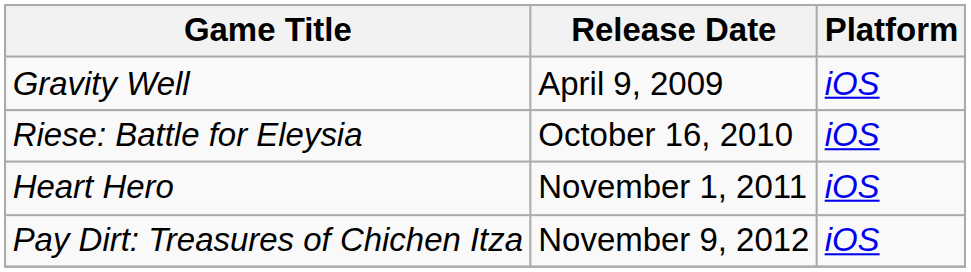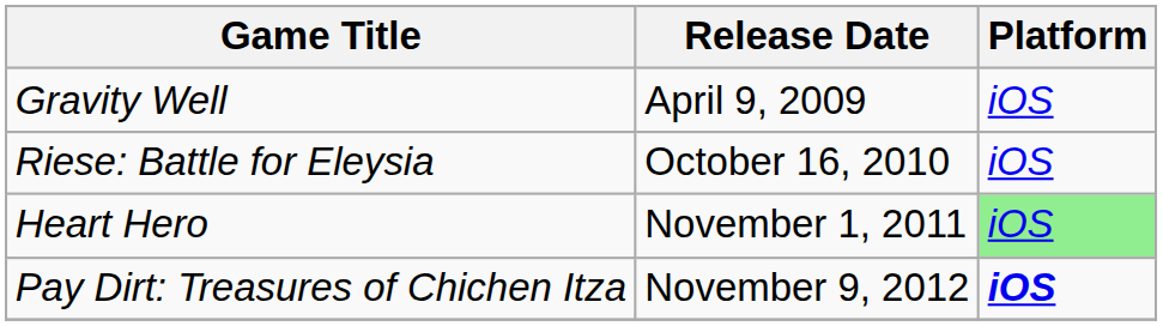 <table class="wikitable">
 <tr>
 <th>Game Title</th>
 <th>Release Date</th>
 <th>Platform</th>
 </tr>
 <tr>
 <td><em>Gravity Well</em></td>
 <td>April 9, 2009</td>
 <td><em><a href='#'>iOS</a></em></td>
 </tr>
 <tr>
 <td><em>Riese: Battle for Eleysia</em></td>
 <td>October 16, 2010</td>
 <td><em><a href='#'>iOS</a></em></td>
 </tr>
 <tr>
 <td><em>Heart Hero</em></td>
 <td>November 1, 2011</td>
-<td><em><a href='#'>iOS</a></em></td>
+<td style="background: lightgreen;"><em><a href='#'>iOS</a></em></td>
 </tr>
 <tr>
 <td><em>Pay Dirt: Treasures of Chichen Itza</em></td>
 <td>November 9, 2012</td>
-<td><em><a href='#'>iOS</a></em></td>
+<td><strong><em><a href='#'>iOS</a></em></strong></td>
 </tr>
 <tr>
 </tr>
 </table>
